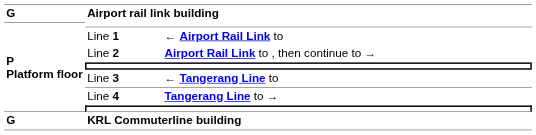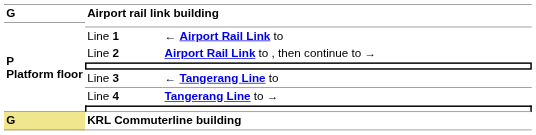 <table cellspacing=0 cellpadding=3>
 <tr>
 <td style="border-top:solid 1px gray;"><strong>G</strong></td>
 <td colspan="2" style="border-top:solid 1px gray;"><strong>Airport rail link building</strong></td>
 </tr>
 <tr>
 <td style="border-top:solid 1px gray;border-bottom:solid 1px gray;"rowspan="7"><strong>P<br>Platform floor</strong></td>
 <td colspan="2"></td>
 </tr>
 <tr>
 <td style="border-top:solid 1px gray;">Line <strong>1</strong></td>
 <td style="border-top:solid 1px gray;">←   <strong><a href='#'>Airport Rail Link</a></strong> to </td>
 </tr>
 <tr>
 <td>Line <strong>2</strong></td>
 <td> <strong><a href='#'>Airport Rail Link</a></strong> to , then continue to   →</td>
 </tr>
 <tr>
 <td colspan="2" style="border-top:solid 2px black;border-right:solid 2px black;border-left:solid 2px black;border-bottom:solid 2px black;text-align:center;"></td>
 </tr>
 <tr>
 <td>Line <strong>3</strong></td>
 <td>←   <strong><a href='#'>Tangerang Line</a></strong> to </td>
 </tr>
 <tr>
 <td style="border-top:solid 1px gray;" width="100">Line <strong>4</strong></td>
 <td style="border-top:solid 1px gray;" width="500"> <strong><a href='#'>Tangerang Line</a></strong> to   →</td>
 </tr>
 <tr>
 <td style="border-top:solid 2px black;border-right:solid 2px black;border-left:solid 2px black;border-bottom:solid 1px gray;text-align:center;" colspan=2></td>
 </tr>
 <tr>
-<td style="border-bottom:solid 1px gray;"><strong>G</strong></td>
+<td style="background: khaki; border-bottom:solid 1px gray;"><strong>G</strong></td>
 <td style="border-bottom:solid 1px gray;" colspan=2><strong>KRL Commuterline building</strong></td>
 </tr>
 </table>
